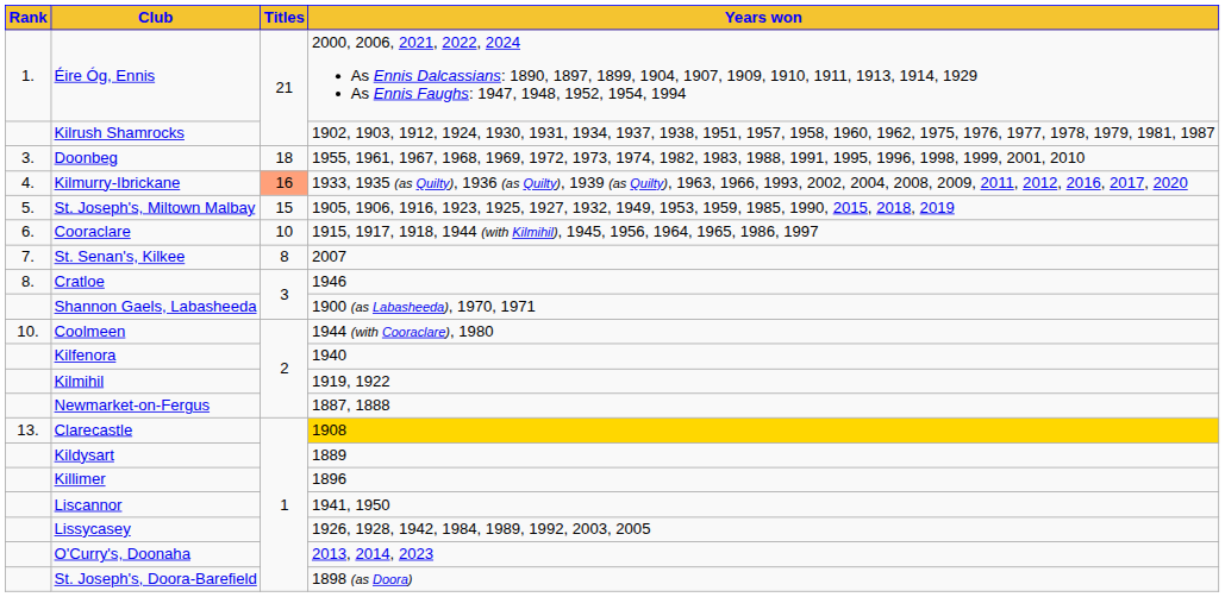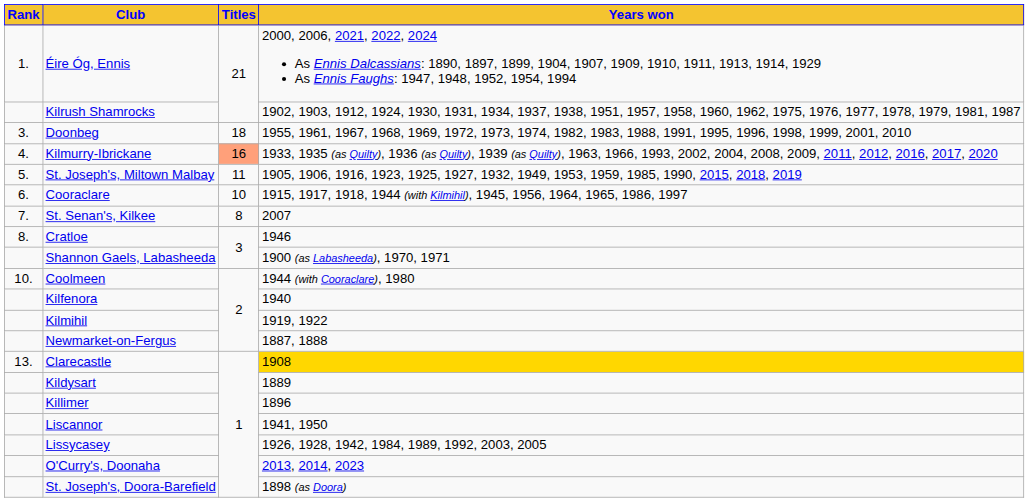 <table class="wikitable">
 <tr>
 <th style="background:#F4C430;color:blue;border:1px solid blue">Rank</th>
 <th style="background:#F4C430;color:blue;border:1px solid blue">Club</th>
 <th style="background:#F4C430;color:blue;border:1px solid blue">Titles</th>
 <th style="background:#F4C430;color:blue;border:1px solid blue">Years won</th>
 </tr>
 <tr>
 <td style="text-align:center;">1.</td>
 <td> <a href='#'>Éire Óg, Ennis</a></td>
 <td style="text-align:center;" rowspan=2>21</td>
 <td>2000, 2006, <a href='#'>2021</a>, <a href='#'>2022</a>, <a href='#'>2024</a><br><ul><li>As <em><a href='#'>Ennis Dalcassians</a></em>: 1890, 1897, 1899, 1904, 1907, 1909, 1910, 1911, 1913, 1914, 1929</li><li>As <em><a href='#'>Ennis Faughs</a></em>: 1947, 1948, 1952, 1954, 1994</li></ul></td>
 </tr>
 <tr>
 <td></td>
 <td> <a href='#'>Kilrush Shamrocks</a></td>
 <td>1902, 1903, 1912, 1924, 1930, 1931, 1934, 1937, 1938, 1951, 1957, 1958, 1960, 1962, 1975, 1976, 1977, 1978, 1979, 1981, 1987</td>
 </tr>
 <tr>
 <td style="text-align:center;">3.</td>
 <td> <a href='#'>Doonbeg</a></td>
 <td style="text-align:center;" rowspan=1>18</td>
 <td>1955, 1961, 1967, 1968, 1969, 1972, 1973, 1974, 1982, 1983, 1988, 1991, 1995, 1996, 1998, 1999, 2001, 2010</td>
 </tr>
 <tr>
 <td style="text-align:center;">4.</td>
 <td> <a href='#'>Kilmurry-Ibrickane</a></td>
 <td style="background: lightsalmon; text-align:center;" rowspan=1>16</td>
 <td>1933, 1935 <em><small>(as <a href='#'>Quilty</a>)</small></em>, 1936 <em><small>(as <a href='#'>Quilty</a>)</small></em>, 1939 <em><small>(as <a href='#'>Quilty</a>)</small></em>, 1963, 1966, 1993, 2002, 2004, 2008, 2009, <a href='#'>2011</a>, <a href='#'>2012</a>, <a href='#'>2016</a>, <a href='#'>2017</a>, <a href='#'>2020</a></td>
 </tr>
 <tr>
 <td style="text-align:center;">5.</td>
 <td> <a href='#'>St. Joseph's, Miltown Malbay</a></td>
-<td style="text-align:center;" rowspan=1>15</td>
+<td style="text-align:center;" rowspan=1>11</td>
 <td>1905, 1906, 1916, 1923, 1925, 1927, 1932, 1949, 1953, 1959, 1985, 1990, <a href='#'>2015</a>, <a href='#'>2018</a>, <a href='#'>2019</a></td>
 </tr>
 <tr>
 <td style="text-align:center;">6.</td>
 <td> <a href='#'>Cooraclare</a></td>
 <td style="text-align:center;" rowspan=1>10</td>
 <td>1915, 1917, 1918, 1944 <em><small> (with <a href='#'>Kilmihil</a>)</small></em>, 1945, 1956, 1964, 1965, 1986, 1997</td>
 </tr>
 <tr>
 <td style="text-align:center;">7.</td>
 <td> <a href='#'>St. Senan's, Kilkee</a></td>
 <td style="text-align:center;" rowspan=1>8</td>
 <td>2007</td>
 </tr>
 <tr>
 <td style="text-align:center;">8.</td>
 <td> <a href='#'>Cratloe</a></td>
 <td style="text-align:center;" rowspan=2>3</td>
 <td>1946</td>
 </tr>
 <tr>
 <td></td>
 <td> <a href='#'>Shannon Gaels, Labasheeda</a></td>
 <td>1900 <em><small>(as <a href='#'>Labasheeda</a>)</small></em>, 1970, 1971</td>
 </tr>
 <tr>
 <td style="text-align:center;">10.</td>
 <td> <a href='#'>Coolmeen</a></td>
 <td style="text-align:center;" rowspan=4>2</td>
 <td>1944 <em><small> (with <a href='#'>Cooraclare</a>)</small></em>, 1980</td>
 </tr>
 <tr>
 <td></td>
 <td> <a href='#'>Kilfenora</a></td>
 <td>1940</td>
 </tr>
 <tr>
 <td></td>
 <td> <a href='#'>Kilmihil</a></td>
 <td>1919, 1922</td>
 </tr>
 <tr>
 <td></td>
 <td> <a href='#'>Newmarket-on-Fergus</a></td>
 <td>1887, 1888</td>
 </tr>
 <tr>
 <td style="text-align:center;">13.</td>
 <td> <a href='#'>Clarecastle</a></td>
 <td style="text-align:center;" rowspan=7>1</td>
 <td style="background: gold;">1908</td>
 </tr>
 <tr>
 <td></td>
 <td> <a href='#'>Kildysart</a></td>
 <td>1889</td>
 </tr>
 <tr>
 <td></td>
 <td> <a href='#'>Killimer</a></td>
 <td>1896</td>
 </tr>
 <tr>
 <td></td>
 <td> <a href='#'>Liscannor</a></td>
 <td>1941, 1950</td>
 </tr>
 <tr>
 <td></td>
 <td> <a href='#'>Lissycasey</a></td>
 <td>1926, 1928, 1942, 1984, 1989, 1992, 2003, 2005</td>
 </tr>
 <tr>
 <td></td>
 <td> <a href='#'>O'Curry's, Doonaha</a></td>
 <td><a href='#'>2013</a>, <a href='#'>2014</a>, <a href='#'>2023</a></td>
 </tr>
 <tr>
 <td></td>
 <td> <a href='#'>St. Joseph's, Doora-Barefield</a></td>
 <td>1898 <em><small>(as <a href='#'>Doora</a>)</small></em></td>
 </tr>
 </table>
